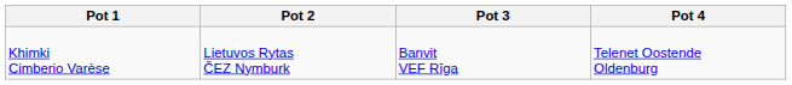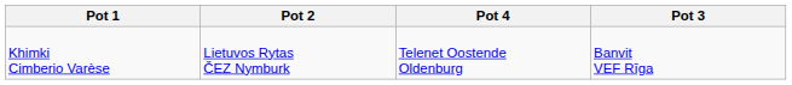 <table class="wikitable" style="width:72%;">
 <tr>
 <th width=18%><strong>Pot 1</strong></th>
 <th width=18%><strong>Pot 2</strong></th>
+<th width=18%><strong>Pot 4</strong></th>
 <th width=18%><strong>Pot 3</strong></th>
-<th width=18%><strong>Pot 4</strong></th>
 </tr>
 <tr>
 <td><br> <a href='#'>Khimki</a> <br>  <a href='#'>Cimberio Varèse</a><br></td>
 <td><br> <a href='#'>Lietuvos Rytas</a><br>  <a href='#'>ČEZ Nymburk</a><br></td>
+<td><br> <a href='#'>Telenet Oostende</a><br>  <a href='#'>Oldenburg</a><br></td>
 <td><br> <a href='#'>Banvit</a><br>  <a href='#'>VEF Rīga</a><br></td>
-<td><br> <a href='#'>Telenet Oostende</a><br>  <a href='#'>Oldenburg</a><br></td>
 </tr>
 </table>
